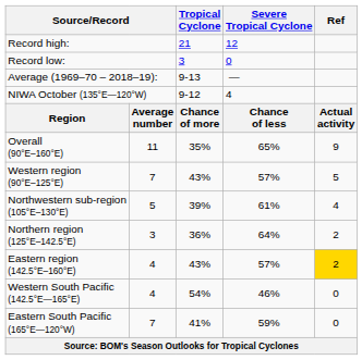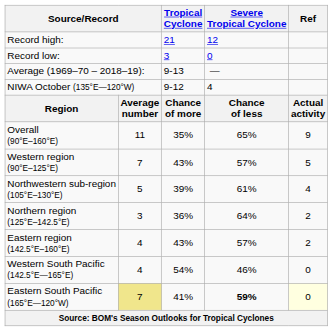 <table class="wikitable" style="float:right">
 <tr>
 <th colspan=2>Source/Record</th>
 <th><a href='#'>Tropical<br>Cyclone</a></th>
 <th><a href='#'>Severe<br>Tropical Cyclone</a></th>
 <th>Ref</th>
 </tr>
 <tr>
 <td colspan=2>Record high:</td>
 <td><a href='#'>21</a></td>
 <td><a href='#'>12</a></td>
 <td></td>
 </tr>
 <tr>
 <td colspan=2>Record low:</td>
 <td><a href='#'>3</a></td>
 <td><a href='#'>0</a></td>
 <td></td>
 </tr>
 <tr>
 <td colspan=2>Average (1969–70 – 2018–19):</td>
 <td>9-13</td>
 <td> —</td>
 <td></td>
 </tr>
 <tr>
 <td colspan=2>NIWA October <small>(135°E—120°W)</small></td>
 <td>9-12</td>
 <td>4</td>
 <td></td>
 </tr>
 <tr>
 <th>Region</th>
 <th>Average<br>number</th>
 <th>Chance<br>of more</th>
 <th>Chance<br>of less</th>
 <th>Actual<br>activity</th>
 </tr>
 <tr>
 <td>Overall<br><small>(90°E–160°E)</small></td>
 <td style="text-align:center;">11</td>
 <td style="text-align:center;">35%</td>
 <td style="text-align:center;">65%</td>
 <td style="text-align:center;">9</td>
 </tr>
 <tr>
 <td>Western region<br><small>(90°E–125°E)</small></td>
 <td style="text-align:center;">7</td>
 <td style="text-align:center;">43%</td>
 <td style="text-align:center;">57%</td>
 <td style="text-align:center;">5</td>
 </tr>
 <tr>
 <td>Northwestern sub-region<br><small>(105°E–130°E)</small></td>
 <td style="text-align:center;">5</td>
 <td style="text-align:center;">39%</td>
 <td style="text-align:center;">61%</td>
 <td style="text-align:center;">4</td>
 </tr>
 <tr>
 <td>Northern region<br><small>(125°E–142.5°E)</small></td>
 <td style="text-align:center;">3</td>
 <td style="text-align:center;">36%</td>
 <td style="text-align:center;">64%</td>
 <td style="text-align:center;">2</td>
 </tr>
 <tr>
 <td>Eastern region<br><small>(142.5°E–160°E)</small></td>
 <td style="text-align:center;">4</td>
 <td style="text-align:center;">43%</td>
 <td style="text-align:center;">57%</td>
-<td style="background: gold; text-align:center;">2</td>
+<td style="text-align:center;">2</td>
 </tr>
 <tr>
 <td>Western South Pacific<br><small>(142.5°E—165°E)</small></td>
 <td style="text-align:center;">4</td>
 <td style="text-align:center;">54%</td>
 <td style="text-align:center;">46%</td>
 <td style="text-align:center;">0</td>
 </tr>
 <tr>
 <td>Eastern South Pacific<br><small>(165°E—120°W)</small></td>
-<td style="text-align:center;">7</td>
+<td style="background: khaki; text-align:center;">7</td>
 <td style="text-align:center;">41%</td>
-<td style="text-align:center;">59%</td>
-<td style="text-align:center;">0</td>
+<td style="text-align:center;"><strong>59%</strong></td>
+<td style="background: lightyellow; text-align:center;">0</td>
 </tr>
 <tr>
 <th colspan="5"><small>Source: BOM's Season Outlooks for Tropical Cyclones</small></th>
 </tr>
 </table>
